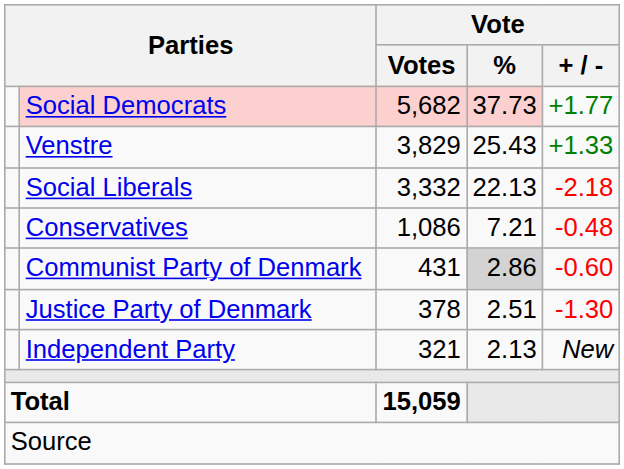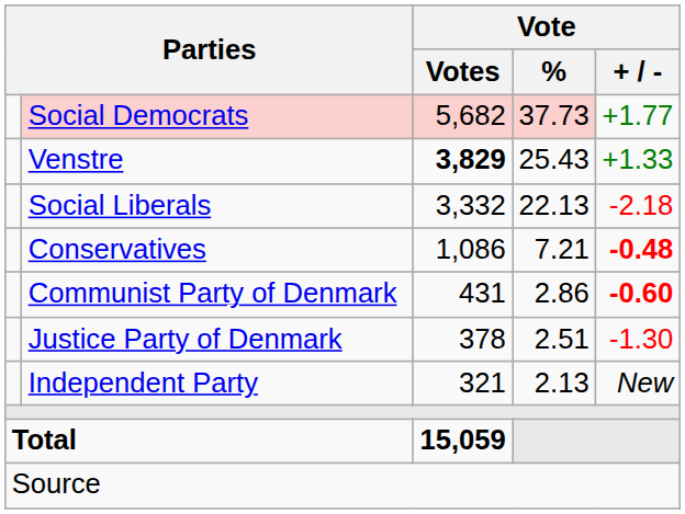 <table class="wikitable" style="text-align:right;">
 <tr>
 <th style="text-align:centre;" rowspan="2" colspan="2" width="225">Parties</th>
 <th colspan="3">Vote</th>
 </tr>
 <tr>
 <th width="15">Votes</th>
 <th width="15">%</th>
 <th width="15">+ / -</th>
 </tr>
 <tr>
 <td width="2" style="color:inherit;background:"></td>
 <td bgcolor=#fbd0ce  align="left"><a href='#'>Social Democrats</a></td>
 <td bgcolor=#fbd0ce>5,682</td>
 <td bgcolor=#fbd0ce>37.73</td>
 <td style=color:green;>+1.77</td>
 </tr>
 <tr>
 <td width="2" style="color:inherit;background:"></td>
 <td align="left"><a href='#'>Venstre</a></td>
-<td>3,829</td>
+<td><strong>3,829</strong></td>
 <td>25.43</td>
 <td style=color:green;>+1.33</td>
 </tr>
 <tr>
 <td width="2" style="color:inherit;background:"></td>
 <td align="left"><a href='#'>Social Liberals</a></td>
 <td>3,332</td>
 <td>22.13</td>
 <td style=color:red;>-2.18</td>
 </tr>
 <tr>
 <td width="2" style="color:inherit;background:"></td>
 <td align="left"><a href='#'>Conservatives</a></td>
 <td>1,086</td>
 <td>7.21</td>
-<td style=color:red;>-0.48</td>
+<td style=color:red;><strong>-0.48</strong></td>
 </tr>
 <tr>
 <td width="2" style="color:inherit;background:"></td>
 <td align="left"><a href='#'>Communist Party of Denmark</a></td>
 <td>431</td>
-<td style="background: lightgrey;">2.86</td>
-<td style=color:red;>-0.60</td>
+<td>2.86</td>
+<td style=color:red;><strong>-0.60</strong></td>
 </tr>
 <tr>
 <td width="2" style="color:inherit;background:"></td>
 <td align="left"><a href='#'>Justice Party of Denmark</a></td>
 <td>378</td>
 <td>2.51</td>
 <td style=color:red;>-1.30</td>
 </tr>
 <tr>
 <td width="2" style="color:inherit;background:"></td>
 <td align="left"><a href='#'>Independent Party</a></td>
 <td>321</td>
 <td>2.13</td>
 <td><em>New</em></td>
 </tr>
 <tr>
 <td colspan="7" bgcolor="#E9E9E9"></td>
 </tr>
 <tr>
 <td align="left" colspan="2"><strong>Total</strong></td>
 <td><strong>15,059</strong></td>
 <td bgcolor="#E9E9E9" colspan="2"></td>
 </tr>
 <tr>
 <td align="left" colspan="6">Source</td>
 </tr>
 </table>
